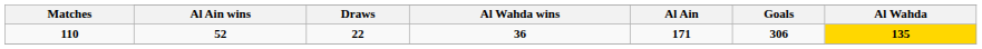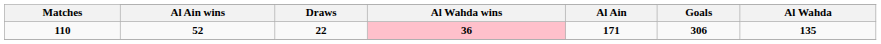 <table width=100% class="wikitable" style="text-align: center;">
 <tr>
 <th rowspan="2">Matches</th>
 </tr>
 <tr>
 <th align="center"> Al Ain wins</th>
 <th align="center">Draws</th>
 <th align="center"> Al Wahda  wins</th>
 <th align="center"> Al Ain</th>
 <th align="center">Goals</th>
 <th align="center"> Al Wahda</th>
 </tr>
 <tr>
 <td><strong>110</strong></td>
 <td><strong>52</strong></td>
 <td><strong>22</strong></td>
-<td><strong>36</strong></td>
+<td style="background: pink;"><strong>36</strong></td>
 <td><strong>171</strong></td>
 <td><strong>306</strong></td>
-<td style="background: gold;"><strong>135</strong></td>
+<td><strong>135</strong></td>
 </tr>
 <tr>
 </tr>
 </table>
